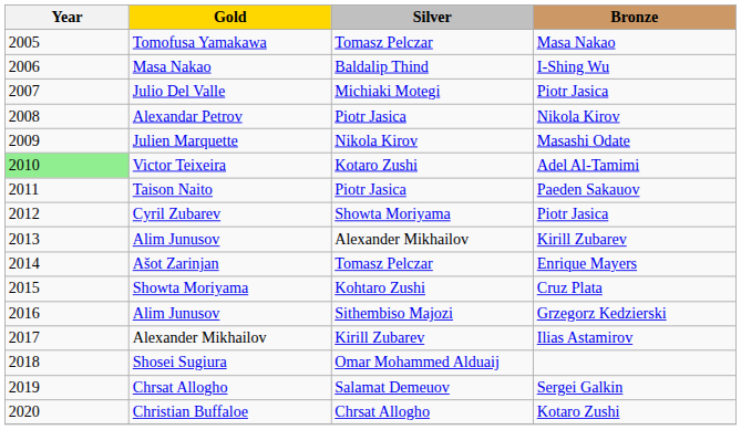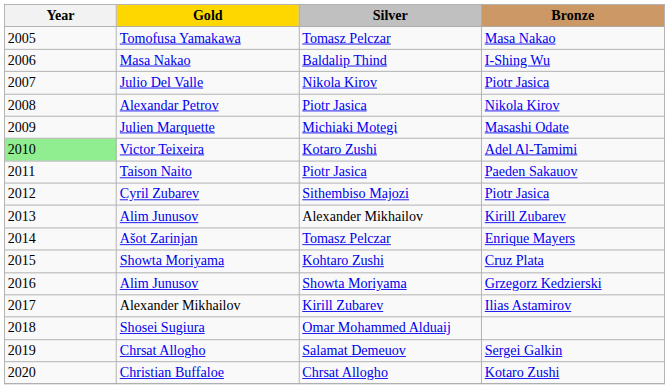 <table class="wikitable">
 <tr align=center>
 <th width="120">Year</th>
 <td width="200" bgcolor="gold"><strong>Gold</strong></td>
 <td width="200" bgcolor="silver"><strong>Silver</strong></td>
 <td width="200" bgcolor="CC9966"><strong>Bronze</strong></td>
 </tr>
 <tr>
 <td>2005</td>
 <td>  <a href='#'>Tomofusa Yamakawa</a></td>
 <td> <a href='#'>Tomasz Pelczar</a></td>
 <td> <a href='#'>Masa Nakao</a></td>
 </tr>
 <tr>
 <td>2006</td>
 <td> <a href='#'>Masa Nakao</a></td>
 <td> <a href='#'>Baldalip Thind</a></td>
 <td> <a href='#'>I-Shing Wu</a></td>
 </tr>
 <tr>
 <td>2007</td>
 <td>  <a href='#'>Julio Del Valle</a></td>
-<td>  <a href='#'>Michiaki Motegi</a></td>
+<td>  <a href='#'>Nikola Kirov</a></td>
 <td> <a href='#'>Piotr Jasica</a></td>
 </tr>
 <tr>
 <td>2008</td>
 <td>  <a href='#'>Alexandar Petrov</a></td>
 <td> <a href='#'>Piotr Jasica</a></td>
 <td>  <a href='#'>Nikola Kirov</a></td>
 </tr>
 <tr>
 <td>2009</td>
 <td> <a href='#'>Julien Marquette</a></td>
-<td>  <a href='#'>Nikola Kirov</a></td>
+<td>  <a href='#'>Michiaki Motegi</a></td>
 <td> <a href='#'>Masashi Odate</a></td>
 </tr>
 <tr>
 <td style="background: lightgreen;">2010</td>
 <td>  <a href='#'>Victor Teixeira</a></td>
 <td> <a href='#'>Kotaro Zushi</a></td>
 <td> <a href='#'>Adel Al-Tamimi</a></td>
 </tr>
 <tr>
 <td>2011</td>
 <td> <a href='#'>Taison Naito</a></td>
 <td> <a href='#'>Piotr Jasica</a></td>
 <td> <a href='#'>Paeden Sakauov</a></td>
 </tr>
 <tr>
 <td>2012</td>
 <td>  <a href='#'>Cyril Zubarev</a></td>
-<td> <a href='#'>Showta Moriyama</a></td>
+<td>  <a href='#'>Sithembiso Majozi</a></td>
 <td> <a href='#'>Piotr Jasica</a></td>
 </tr>
 <tr>
 <td>2013</td>
 <td>  <a href='#'>Alim Junusov</a></td>
 <td>  Alexander Mikhailov</td>
 <td>  <a href='#'>Kirill Zubarev</a></td>
 </tr>
 <tr>
 <td>2014</td>
 <td>  <a href='#'>Ašot Zarinjan</a></td>
 <td> <a href='#'>Tomasz Pelczar</a></td>
 <td> <a href='#'>Enrique Mayers</a></td>
 </tr>
 <tr>
 <td>2015</td>
 <td> <a href='#'>Showta Moriyama</a></td>
 <td> <a href='#'>Kohtaro Zushi</a></td>
 <td> <a href='#'>Cruz Plata</a></td>
 </tr>
 <tr>
 <td>2016</td>
 <td>  <a href='#'>Alim Junusov</a></td>
-<td>  <a href='#'>Sithembiso Majozi</a></td>
+<td> <a href='#'>Showta Moriyama</a></td>
 <td>  <a href='#'>Grzegorz Kedzierski</a></td>
 </tr>
 <tr>
 <td>2017</td>
 <td>  Alexander Mikhailov</td>
 <td>  <a href='#'>Kirill Zubarev</a></td>
 <td>  <a href='#'>Ilias Astamirov</a></td>
 </tr>
 <tr>
 <td>2018</td>
 <td> <a href='#'>Shosei Sugiura</a></td>
 <td> <a href='#'>Omar Mohammed Alduaij</a></td>
 <td></td>
 </tr>
 <tr>
 <td>2019</td>
 <td> <a href='#'>Chrsat Allogho</a></td>
 <td> <a href='#'>Salamat Demeuov</a></td>
 <td>  <a href='#'>Sergei Galkin</a></td>
 </tr>
 <tr>
 <td>2020</td>
 <td> <a href='#'>Christian Buffaloe</a></td>
 <td> <a href='#'>Chrsat Allogho</a></td>
 <td> <a href='#'>Kotaro Zushi</a></td>
 </tr>
 <tr>
 </tr>
 </table>
